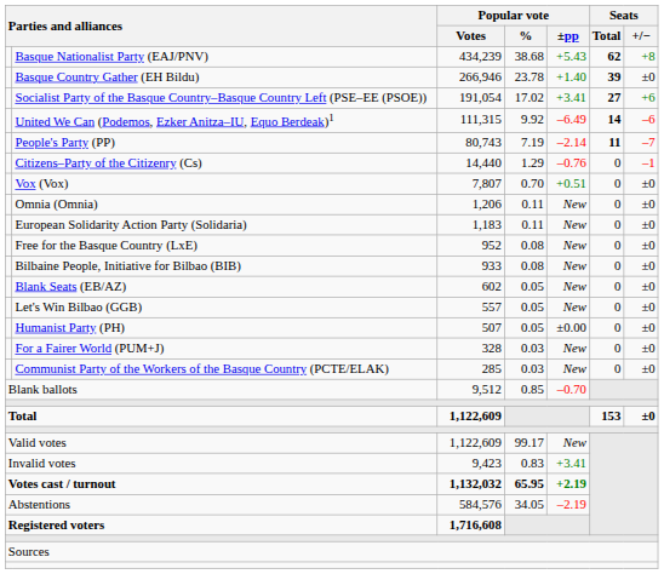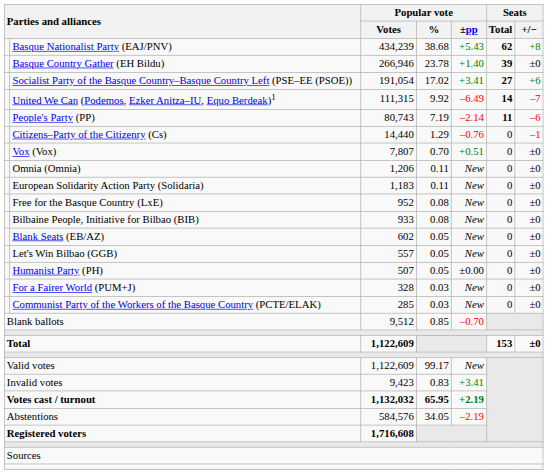 <table class="wikitable" style="text-align:right;">
 <tr>
 <th style="text-align:left;" rowspan="2" colspan="2" width="525">Parties and alliances</th>
 <th colspan="3">Popular vote</th>
 <th colspan="2">Seats</th>
 </tr>
 <tr>
 <th width="75">Votes</th>
 <th width="45">%</th>
 <th width="45">±<a href='#'>pp</a></th>
 <th width="35">Total</th>
 <th width="35">+/−</th>
 </tr>
 <tr>
 <td width="1" style="color:inherit;background:"></td>
 <td align="left"><a href='#'>Basque Nationalist Party</a> (EAJ/PNV)</td>
 <td>434,239</td>
 <td>38.68</td>
 <td style="color:green;">+5.43</td>
 <td><strong>62</strong></td>
 <td style="color:green;">+8</td>
 </tr>
 <tr>
 <td style="color:inherit;background:"></td>
 <td align="left"><a href='#'>Basque Country Gather</a> (EH Bildu)</td>
 <td>266,946</td>
 <td>23.78</td>
 <td style="color:green;">+1.40</td>
 <td><strong>39</strong></td>
 <td>±0</td>
 </tr>
 <tr>
 <td style="color:inherit;background:"></td>
 <td align="left"><a href='#'>Socialist Party of the Basque Country–Basque Country Left</a> (PSE–EE (PSOE))</td>
 <td>191,054</td>
 <td>17.02</td>
 <td style="color:green;">+3.41</td>
 <td><strong>27</strong></td>
 <td style="color:green;">+6</td>
 </tr>
 <tr>
 <td style="color:inherit;background:"></td>
 <td align="left"><a href='#'>United We Can</a> (<a href='#'>Podemos</a>, <a href='#'>Ezker Anitza–IU</a>, <a href='#'>Equo Berdeak</a>)<sup>1</sup></td>
 <td>111,315</td>
 <td>9.92</td>
 <td style="color:red;">–6.49</td>
 <td><strong>14</strong></td>
-<td style="color:red;">–6</td>
+<td style="color:red;">–7</td>
 </tr>
 <tr>
 <td style="color:inherit;background:"></td>
 <td align="left"><a href='#'>People's Party</a> (PP)</td>
 <td>80,743</td>
 <td>7.19</td>
 <td style="color:red;">–2.14</td>
 <td><strong>11</strong></td>
-<td style="color:red;">–7</td>
+<td style="color:red;">–6</td>
 </tr>
 <tr>
 <td style="color:inherit;background:"></td>
 <td align="left"><a href='#'>Citizens–Party of the Citizenry</a> (Cs)</td>
 <td>14,440</td>
 <td>1.29</td>
 <td style="color:red;">–0.76</td>
 <td>0</td>
 <td style="color:red;">–1</td>
 </tr>
 <tr>
 <td style="color:inherit;background:"></td>
 <td align="left"><a href='#'>Vox</a> (Vox)</td>
 <td>7,807</td>
 <td>0.70</td>
 <td style="color:green;">+0.51</td>
 <td>0</td>
 <td>±0</td>
 </tr>
 <tr>
 <td style="color:inherit;background:"></td>
 <td align="left">Omnia (Omnia)</td>
 <td>1,206</td>
 <td>0.11</td>
 <td><em>New</em></td>
 <td>0</td>
 <td>±0</td>
 </tr>
 <tr>
 <td style="color:inherit;background:"></td>
 <td align="left">European Solidarity Action Party (Solidaria)</td>
 <td>1,183</td>
 <td>0.11</td>
 <td><em>New</em></td>
 <td>0</td>
 <td>±0</td>
 </tr>
 <tr>
 <td style="color:inherit;background:"></td>
 <td align="left">Free for the Basque Country (LxE)</td>
 <td>952</td>
 <td>0.08</td>
 <td><em>New</em></td>
 <td>0</td>
 <td>±0</td>
 </tr>
 <tr>
 <td style="color:inherit;background:"></td>
 <td align="left">Bilbaine People, Initiative for Bilbao (BIB)</td>
 <td>933</td>
 <td>0.08</td>
 <td><em>New</em></td>
 <td>0</td>
 <td>±0</td>
 </tr>
 <tr>
 <td style="color:inherit;background:"></td>
 <td align="left"><a href='#'>Blank Seats</a> (EB/AZ)</td>
 <td>602</td>
 <td>0.05</td>
 <td><em>New</em></td>
 <td>0</td>
 <td>±0</td>
 </tr>
 <tr>
 <td style="color:inherit;background:"></td>
 <td align="left">Let's Win Bilbao (GGB)</td>
 <td>557</td>
 <td>0.05</td>
 <td><em>New</em></td>
 <td>0</td>
 <td>±0</td>
 </tr>
 <tr>
 <td style="color:inherit;background:"></td>
 <td align="left"><a href='#'>Humanist Party</a> (PH)</td>
 <td>507</td>
 <td>0.05</td>
 <td>±0.00</td>
 <td>0</td>
 <td>±0</td>
 </tr>
 <tr>
 <td style="color:inherit;background:"></td>
 <td align="left"><a href='#'>For a Fairer World</a> (PUM+J)</td>
 <td>328</td>
 <td>0.03</td>
 <td><em>New</em></td>
 <td>0</td>
 <td>±0</td>
 </tr>
 <tr>
 <td style="color:inherit;background:"></td>
 <td align="left"><a href='#'>Communist Party of the Workers of the Basque Country</a> (PCTE/ELAK)</td>
 <td>285</td>
 <td>0.03</td>
 <td><em>New</em></td>
 <td>0</td>
 <td>±0</td>
 </tr>
 <tr>
 <td align="left" colspan="2">Blank ballots</td>
 <td>9,512</td>
 <td>0.85</td>
 <td style="color:red;">–0.70</td>
 <td bgcolor="#E9E9E9" colspan="2"></td>
 </tr>
 <tr>
 <td colspan="7" bgcolor="#E9E9E9"></td>
 </tr>
 <tr style="font-weight:bold;">
 <td align="left" colspan="2">Total</td>
 <td>1,122,609</td>
 <td bgcolor="#E9E9E9" colspan="2"></td>
 <td>153</td>
 <td>±0</td>
 </tr>
 <tr>
 <td colspan="7" bgcolor="#E9E9E9"></td>
 </tr>
 <tr>
 <td align="left" colspan="2">Valid votes</td>
 <td>1,122,609</td>
 <td>99.17</td>
 <td><em>New</em></td>
 <td bgcolor="#E9E9E9" colspan="2" rowspan="5"></td>
 </tr>
 <tr>
 <td align="left" colspan="2">Invalid votes</td>
 <td>9,423</td>
 <td>0.83</td>
 <td style="color:green;">+3.41</td>
 </tr>
 <tr style="font-weight:bold;">
 <td align="left" colspan="2">Votes cast / turnout</td>
 <td>1,132,032</td>
 <td>65.95</td>
 <td style="color:green;">+2.19</td>
 </tr>
 <tr>
 <td align="left" colspan="2">Abstentions</td>
 <td>584,576</td>
 <td>34.05</td>
 <td style="color:red;">–2.19</td>
 </tr>
 <tr style="font-weight:bold;">
 <td align="left" colspan="2">Registered voters</td>
 <td>1,716,608</td>
 <td bgcolor="#E9E9E9" colspan="2"></td>
 </tr>
 <tr>
 <td colspan="7" bgcolor="#E9E9E9"></td>
 </tr>
 <tr>
 <td align="left" colspan="7">Sources</td>
 </tr>
 <tr>
 <td colspan="7" style="text-align:left; max-width:790px;"></td>
 </tr>
 </table>
